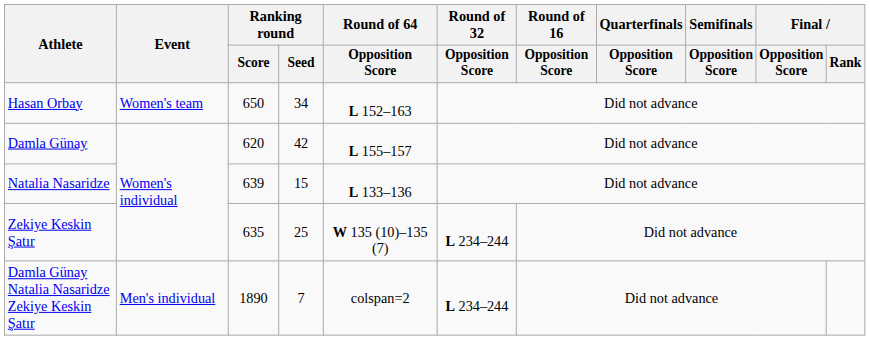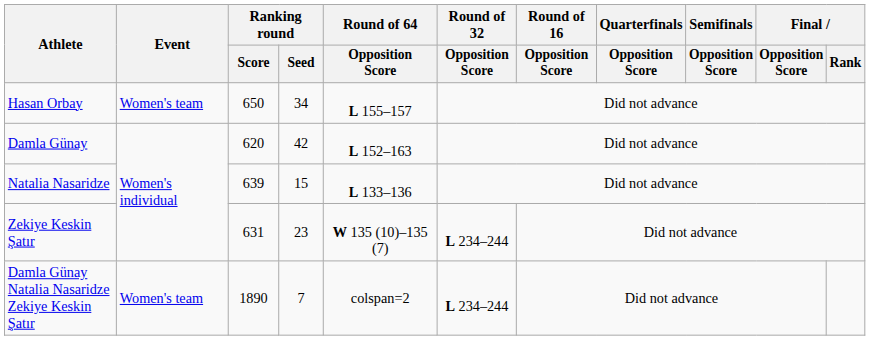 <table class="wikitable" style="font-size:90%">
 <tr>
 <th rowspan="2">Athlete</th>
 <th rowspan="2">Event</th>
 <th colspan="2">Ranking round</th>
 <th>Round of 64</th>
 <th>Round of 32</th>
 <th>Round of 16</th>
 <th>Quarterfinals</th>
 <th>Semifinals</th>
 <th colspan="2">Final / </th>
 </tr>
 <tr style="font-size:95%">
 <th>Score</th>
 <th>Seed</th>
 <th>Opposition<br>Score</th>
 <th>Opposition<br>Score</th>
 <th>Opposition<br>Score</th>
 <th>Opposition<br>Score</th>
 <th>Opposition<br>Score</th>
 <th>Opposition<br>Score</th>
 <th>Rank</th>
 </tr>
 <tr align=center>
 <td align=left><a href='#'>Hasan Orbay</a></td>
 <td align=left><a href='#'>Women's team</a></td>
 <td>650</td>
 <td>34</td>
-<td><br><strong>L</strong> 152–163</td>
+<td><br><strong>L</strong> 155–157</td>
 <td colspan=6>Did not advance</td>
 </tr>
 <tr align=center>
 <td align=left><a href='#'>Damla Günay</a></td>
 <td align=left rowspan=3><a href='#'>Women's individual</a></td>
 <td>620</td>
 <td>42</td>
-<td><br><strong>L</strong> 155–157</td>
+<td><br><strong>L</strong> 152–163</td>
 <td colspan=6>Did not advance</td>
 </tr>
 <tr align=center>
 <td align=left><a href='#'>Natalia Nasaridze</a></td>
 <td>639</td>
 <td>15</td>
 <td><br><strong>L</strong> 133–136</td>
 <td colspan=6>Did not advance</td>
 </tr>
 <tr align=center>
 <td align=left><a href='#'>Zekiye Keskin Şatır</a></td>
-<td>635</td>
-<td>25</td>
+<td>631</td>
+<td>23</td>
 <td><br><strong>W</strong> 135 (10)–135 (7)</td>
 <td><br><strong>L</strong> 234–244</td>
 <td colspan=5>Did not advance</td>
 </tr>
 <tr align=center>
 <td align=left><a href='#'>Damla Günay</a><br><a href='#'>Natalia Nasaridze</a><br><a href='#'>Zekiye Keskin Şatır</a></td>
-<td align=left><a href='#'>Men's individual</a></td>
+<td align=left><a href='#'>Women's team</a></td>
 <td>1890</td>
 <td>7</td>
 <td>colspan=2 </td>
 <td><br><strong>L</strong> 234–244</td>
 <td colspan=4>Did not advance</td>
 </tr>
 </table>
